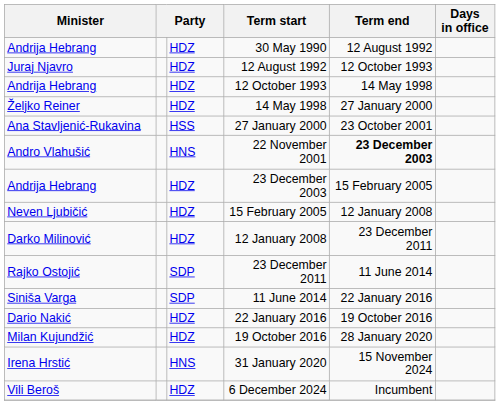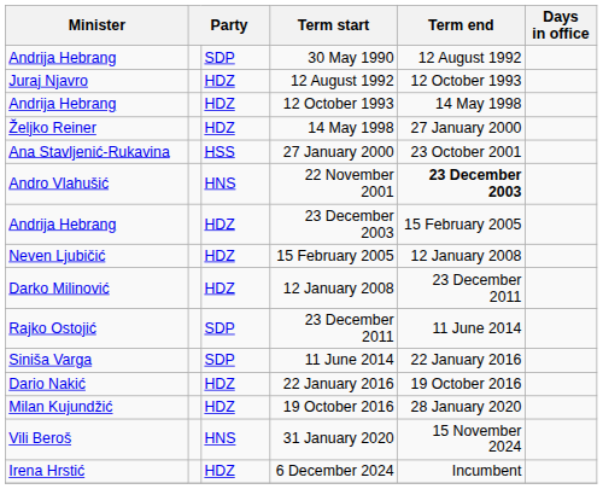 <table class="wikitable" style="text-align: left;">
 <tr>
 <th width="190">Minister</th>
 <th colspan=2 width="80">Party</th>
 <th width="130">Term start</th>
 <th width="130">Term end</th>
 <th width=70>Days<br> in office</th>
 </tr>
 <tr>
 <td><a href='#'>Andrija Hebrang</a></td>
 <td style="background-color: "></td>
-<td><a href='#'>HDZ</a></td>
+<td><a href='#'>SDP</a></td>
 <td align=right>30 May 1990</td>
 <td align=right>12 August 1992</td>
 <td align=right></td>
 </tr>
 <tr>
 <td><a href='#'>Juraj Njavro</a></td>
 <td style="background-color: "></td>
 <td><a href='#'>HDZ</a></td>
 <td align=right>12 August 1992</td>
 <td align=right>12 October 1993</td>
 <td align=right></td>
 </tr>
 <tr>
 <td><a href='#'>Andrija Hebrang</a> </td>
 <td style="background-color: "></td>
 <td><a href='#'>HDZ</a></td>
 <td align=right>12 October 1993</td>
 <td align=right>14 May 1998</td>
 <td align=right></td>
 </tr>
 <tr>
 <td><a href='#'>Željko Reiner</a></td>
 <td style="background-color: "></td>
 <td><a href='#'>HDZ</a></td>
 <td align=right>14 May 1998</td>
 <td align=right>27 January 2000</td>
 <td align=right></td>
 </tr>
 <tr>
 <td><a href='#'>Ana Stavljenić-Rukavina</a></td>
 <td style="background-color: "></td>
 <td><a href='#'>HSS</a></td>
 <td align=right>27 January 2000</td>
 <td align=right>23 October 2001</td>
 <td align=right></td>
 </tr>
 <tr>
 <td><a href='#'>Andro Vlahušić</a></td>
 <td style="background-color: "></td>
 <td><a href='#'>HNS</a></td>
 <td align=right>22 November 2001</td>
 <td align=right><strong>23 December 2003</strong></td>
 <td align=right></td>
 </tr>
 <tr>
 <td><a href='#'>Andrija Hebrang</a> </td>
 <td style="background-color: "></td>
 <td><a href='#'>HDZ</a></td>
 <td align=right>23 December 2003</td>
 <td align=right>15 February 2005</td>
 <td align=right></td>
 </tr>
 <tr>
 <td><a href='#'>Neven Ljubičić</a></td>
 <td style="background-color: "></td>
 <td><a href='#'>HDZ</a></td>
 <td align=right>15 February 2005</td>
 <td align=right>12 January 2008</td>
 <td align=right></td>
 </tr>
 <tr>
 <td><a href='#'>Darko Milinović</a></td>
 <td style="background-color: "></td>
 <td><a href='#'>HDZ</a></td>
 <td align=right>12 January 2008</td>
 <td align=right>23 December 2011</td>
 <td align=right></td>
 </tr>
 <tr>
 <td><a href='#'>Rajko Ostojić</a></td>
 <td style="background-color: "></td>
 <td><a href='#'>SDP</a></td>
 <td align=right>23 December 2011</td>
 <td align=right>11 June 2014</td>
 <td align=right></td>
 </tr>
 <tr>
 <td><a href='#'>Siniša Varga</a></td>
 <td style="background-color: "></td>
 <td><a href='#'>SDP</a></td>
 <td align=right>11 June 2014</td>
 <td align=right>22 January 2016</td>
 <td align=right></td>
 </tr>
 <tr>
 <td><a href='#'>Dario Nakić</a></td>
 <td style="background-color: "></td>
 <td><a href='#'>HDZ</a></td>
 <td align=right>22 January 2016</td>
 <td align=right>19 October 2016</td>
 <td align=right></td>
 </tr>
 <tr>
 <td><a href='#'>Milan Kujundžić</a></td>
 <td style="background-color: "></td>
 <td><a href='#'>HDZ</a></td>
 <td align=right>19 October 2016</td>
 <td align=right>28 January 2020</td>
 <td align=right></td>
 </tr>
 <tr>
-<td><a href='#'>Irena Hrstić</a></td>
+<td><a href='#'>Vili Beroš</a></td>
 <td style="background-color: "></td>
 <td><a href='#'>HNS</a></td>
 <td align=right>31 January 2020</td>
 <td align=right>15 November 2024</td>
 <td align=right></td>
 </tr>
 <tr>
-<td><a href='#'>Vili Beroš</a></td>
+<td><a href='#'>Irena Hrstić</a></td>
 <td style="background-color: "></td>
 <td><a href='#'>HDZ</a></td>
 <td align=right>6 December 2024</td>
 <td align=right>Incumbent</td>
 <td align=right></td>
 </tr>
 <tr>
 </tr>
 </table>
